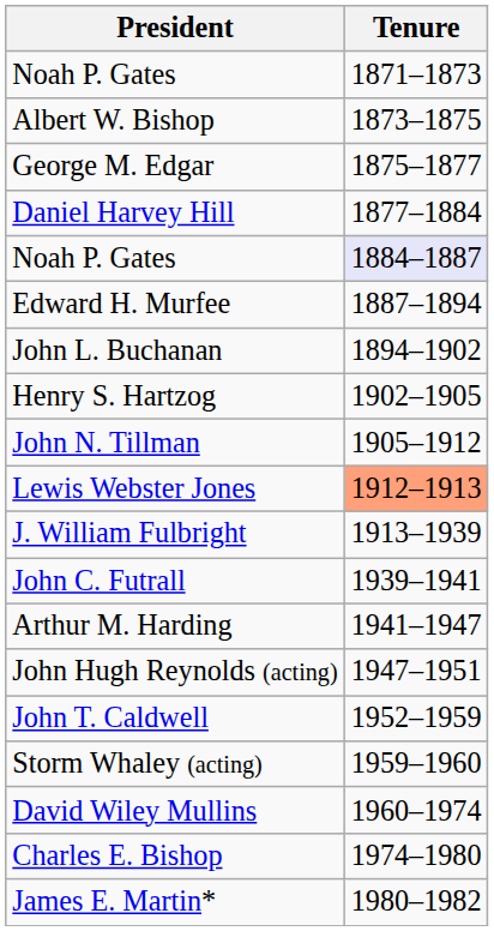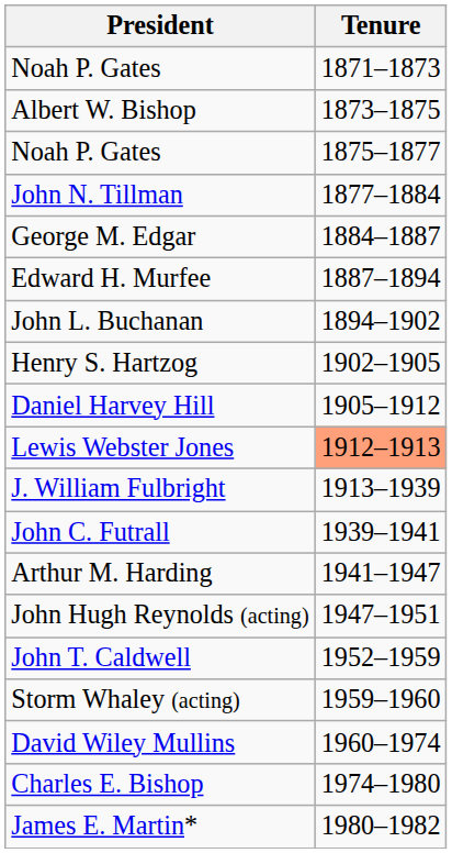 <table class="wikitable">
 <tr>
 <th>President</th>
 <th>Tenure</th>
 </tr>
 <tr>
 <td>Noah P. Gates</td>
 <td>1871–1873</td>
 </tr>
 <tr>
 <td>Albert W. Bishop</td>
 <td>1873–1875</td>
 </tr>
 <tr>
-<td>George M. Edgar</td>
+<td>Noah P. Gates</td>
 <td>1875–1877</td>
 </tr>
 <tr>
-<td><a href='#'>Daniel Harvey Hill</a></td>
+<td><a href='#'>John N. Tillman</a></td>
 <td>1877–1884</td>
 </tr>
 <tr>
-<td>Noah P. Gates</td>
-<td style="background: lavender;">1884–1887</td>
+<td>George M. Edgar</td>
+<td>1884–1887</td>
 </tr>
 <tr>
 <td>Edward H. Murfee</td>
 <td>1887–1894</td>
 </tr>
 <tr>
 <td>John L. Buchanan</td>
 <td>1894–1902</td>
 </tr>
 <tr>
 <td>Henry S. Hartzog</td>
 <td>1902–1905</td>
 </tr>
 <tr>
-<td><a href='#'>John N. Tillman</a></td>
+<td><a href='#'>Daniel Harvey Hill</a></td>
 <td>1905–1912</td>
 </tr>
 <tr>
 <td><a href='#'>Lewis Webster Jones</a></td>
 <td style="background: lightsalmon;">1912–1913</td>
 </tr>
 <tr>
 <td><a href='#'>J. William Fulbright</a></td>
 <td>1913–1939</td>
 </tr>
 <tr>
 <td><a href='#'>John C. Futrall</a></td>
 <td>1939–1941</td>
 </tr>
 <tr>
 <td>Arthur M. Harding</td>
 <td>1941–1947</td>
 </tr>
 <tr>
 <td>John Hugh Reynolds <small>(acting)</small></td>
 <td>1947–1951</td>
 </tr>
 <tr>
 <td><a href='#'>John T. Caldwell</a></td>
 <td>1952–1959</td>
 </tr>
 <tr>
 <td>Storm Whaley <small>(acting)</small></td>
 <td>1959–1960</td>
 </tr>
 <tr>
 <td><a href='#'>David Wiley Mullins</a></td>
 <td>1960–1974</td>
 </tr>
 <tr>
 <td><a href='#'>Charles E. Bishop</a></td>
 <td>1974–1980</td>
 </tr>
 <tr>
 <td><a href='#'>James E. Martin</a>*</td>
 <td>1980–1982</td>
 </tr>
 </table>
